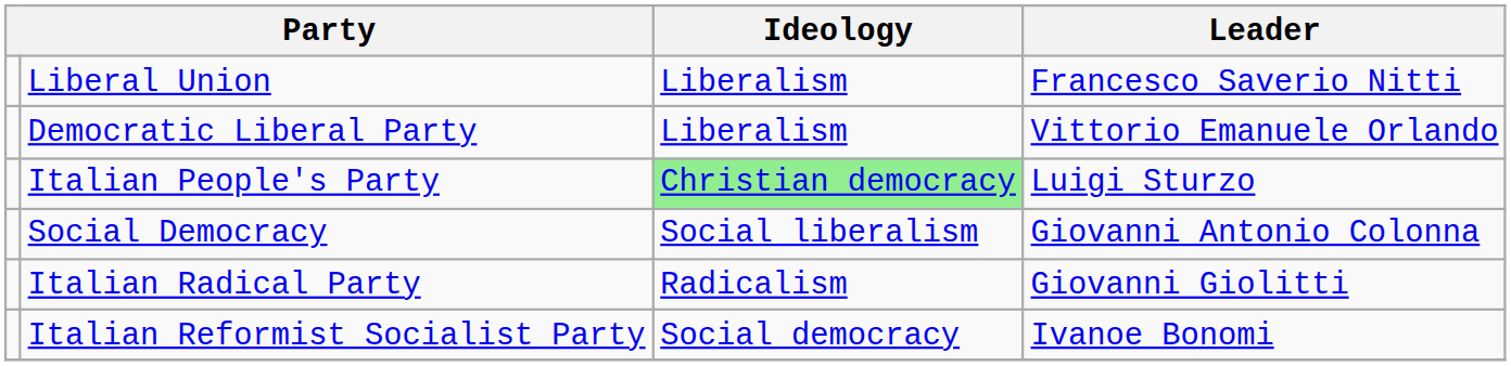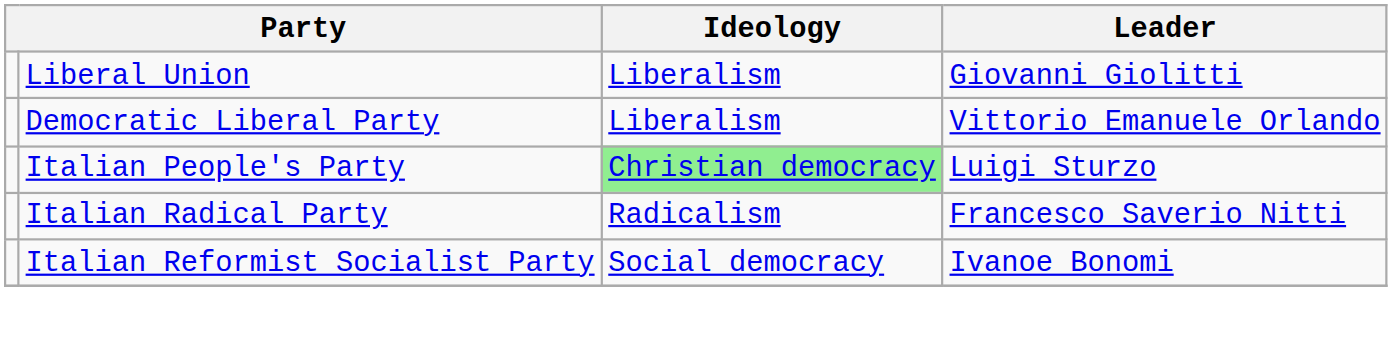 <table class=wikitable style="font-size:100%">
 <tr>
 <th colspan=2>Party</th>
 <th>Ideology</th>
 <th>Leader</th>
 </tr>
 <tr>
 <td style="color:inherit;background:"></td>
 <td><a href='#'>Liberal Union</a></td>
 <td><a href='#'>Liberalism</a></td>
-<td><a href='#'>Francesco Saverio Nitti</a></td>
+<td><a href='#'>Giovanni Giolitti</a></td>
 </tr>
 <tr>
 <td style="color:inherit;background:"></td>
 <td><a href='#'>Democratic Liberal Party</a></td>
 <td><a href='#'>Liberalism</a></td>
 <td><a href='#'>Vittorio Emanuele Orlando</a></td>
 </tr>
 <tr>
 <td style="color:inherit;background:"></td>
 <td><a href='#'>Italian People's Party</a></td>
 <td style="background: lightgreen;"><a href='#'>Christian democracy</a></td>
 <td><a href='#'>Luigi Sturzo</a></td>
 </tr>
 <tr>
 <td style="color:inherit;background:"></td>
-<td><a href='#'>Social Democracy</a></td>
-<td><a href='#'>Social liberalism</a></td>
-<td><a href='#'>Giovanni Antonio Colonna</a></td>
-</tr>
-<tr>
-<td style="color:inherit;background:"></td>
 <td><a href='#'>Italian Radical Party</a></td>
 <td><a href='#'>Radicalism</a></td>
-<td><a href='#'>Giovanni Giolitti</a></td>
+<td><a href='#'>Francesco Saverio Nitti</a></td>
 </tr>
 <tr>
 <td style="color:inherit;background:"></td>
 <td><a href='#'>Italian Reformist Socialist Party</a></td>
 <td><a href='#'>Social democracy</a></td>
 <td><a href='#'>Ivanoe Bonomi</a></td>
 </tr>
 <tr>
 </tr>
 </table>
